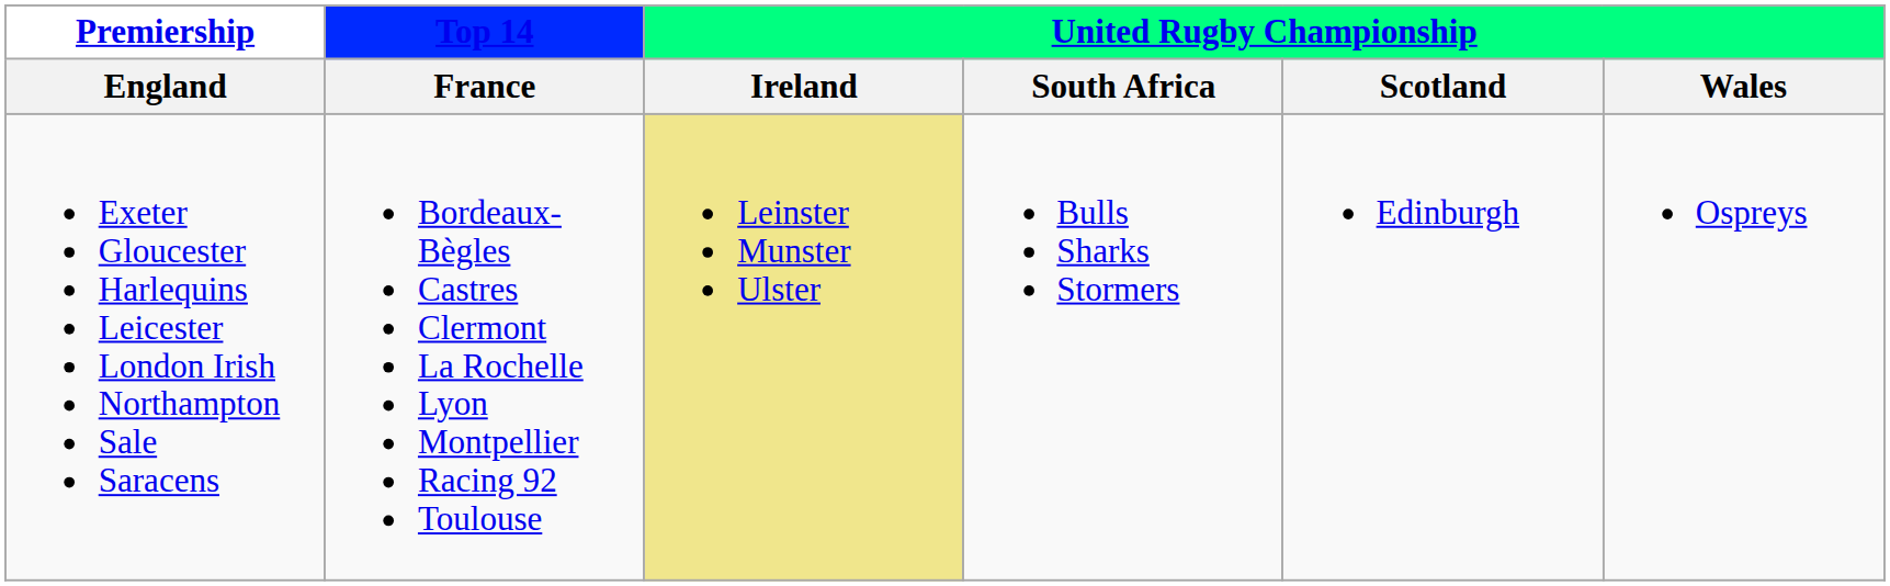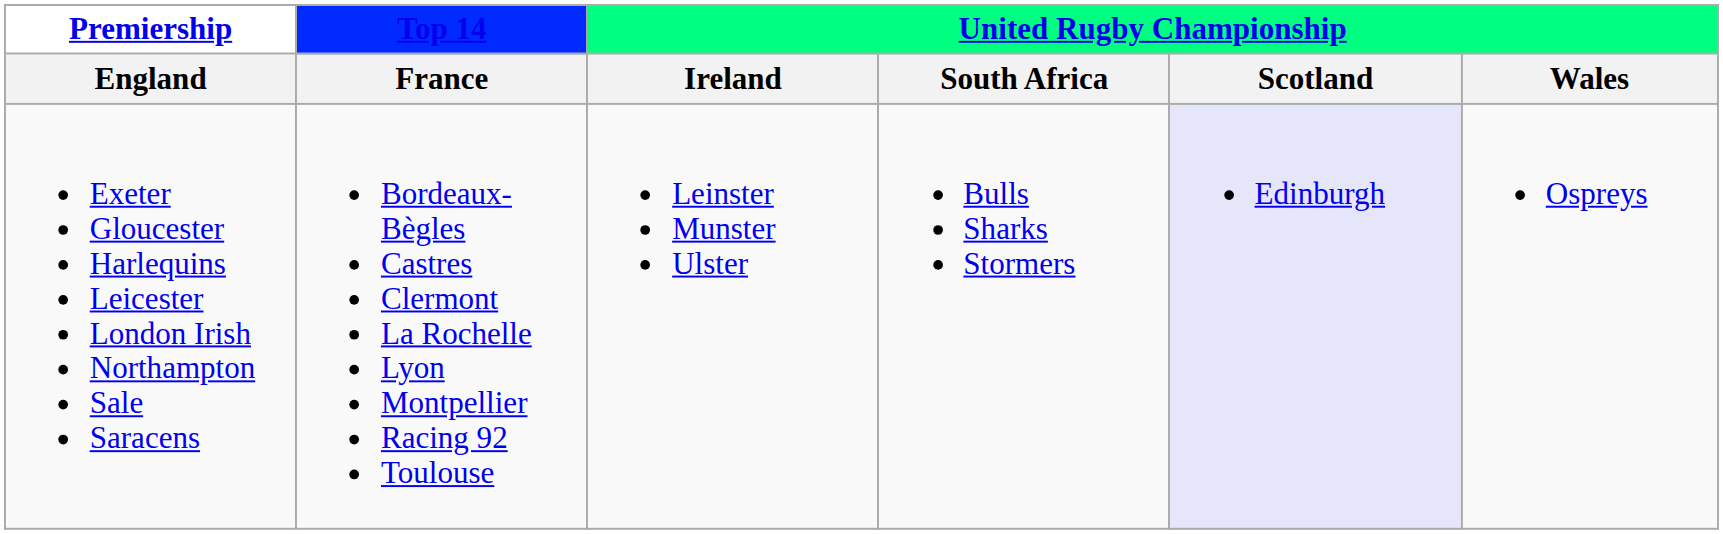 <table class="wikitable" style="width:100%;">
 <tr>
 <th style="background: #FFFFFF; color:red; text-align:center;"><a href='#'>Premiership</a></th>
 <th style="background: #002AFF; color:white; text-align:center;"><a href='#'><span>Top 14</span></a></th>
 <th colspan="4" style="background: #00FF80;"><a href='#'>United Rugby Championship</a></th>
 </tr>
 <tr>
 <th width=17%> England</th>
 <th width=17%> France</th>
 <th width=17%> Ireland</th>
 <th width=17%> South Africa</th>
 <th width=17%> Scotland</th>
 <th width=17%> Wales</th>
 </tr>
 <tr valign=top>
 <td><br><ul><li><a href='#'>Exeter</a></li><li><a href='#'>Gloucester</a></li><li><a href='#'>Harlequins</a></li><li><a href='#'>Leicester</a></li><li><a href='#'>London Irish</a></li><li><a href='#'>Northampton</a></li><li><a href='#'>Sale</a></li><li><a href='#'>Saracens</a></li></ul></td>
 <td><br><ul><li><a href='#'>Bordeaux-Bègles</a></li><li><a href='#'>Castres</a></li><li><a href='#'>Clermont</a></li><li><a href='#'>La Rochelle</a></li><li><a href='#'>Lyon</a></li><li><a href='#'>Montpellier</a></li><li><a href='#'>Racing 92</a></li><li><a href='#'>Toulouse</a></li></ul></td>
-<td style="background: khaki;"><br><ul><li><a href='#'>Leinster</a></li><li><a href='#'>Munster</a></li><li><a href='#'>Ulster</a></li></ul></td>
+<td><br><ul><li><a href='#'>Leinster</a></li><li><a href='#'>Munster</a></li><li><a href='#'>Ulster</a></li></ul></td>
 <td><br><ul><li><a href='#'>Bulls</a></li><li><a href='#'>Sharks</a></li><li><a href='#'>Stormers</a></li></ul></td>
-<td><br><ul><li><a href='#'>Edinburgh</a></li></ul></td>
+<td style="background: lavender;"><br><ul><li><a href='#'>Edinburgh</a></li></ul></td>
 <td><br><ul><li><a href='#'>Ospreys</a></li></ul></td>
 </tr>
 </table>
